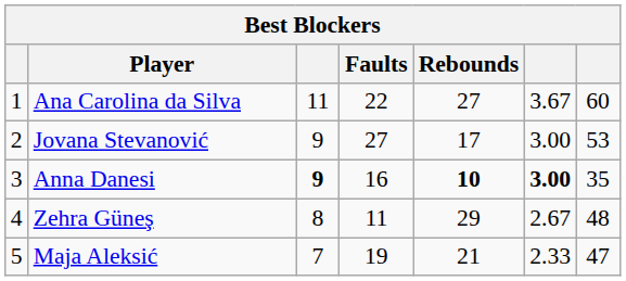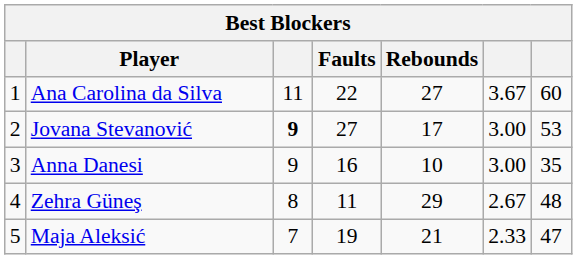 <table class="wikitable sortable" style=font-size:90%>
 <tr>
 <th colspan=7>Best Blockers</th>
 </tr>
 <tr>
 <th></th>
 <th width=158>Player</th>
 <th width=20></th>
 <th width=20>Faults</th>
 <th width=20>Rebounds</th>
 <th width=20></th>
 <th width=20></th>
 </tr>
 <tr>
 <td>1</td>
 <td> <a href='#'>Ana Carolina da Silva</a></td>
 <td align=center>11</td>
 <td align=center>22</td>
 <td align=center>27</td>
 <td align=center>3.67</td>
 <td align=center>60</td>
 </tr>
 <tr>
 <td>2</td>
 <td> <a href='#'>Jovana Stevanović</a></td>
-<td align=center>9</td>
+<td align=center><strong>9</strong></td>
 <td align=center>27</td>
 <td align=center>17</td>
 <td align=center>3.00</td>
 <td align=center>53</td>
 </tr>
 <tr>
 <td>3</td>
 <td> <a href='#'>Anna Danesi</a></td>
-<td align=center><strong>9</strong></td>
+<td align=center>9</td>
 <td align=center>16</td>
-<td align=center><strong>10</strong></td>
-<td align=center><strong>3.00</strong></td>
+<td align=center>10</td>
+<td align=center>3.00</td>
 <td align=center>35</td>
 </tr>
 <tr>
 <td>4</td>
 <td> <a href='#'>Zehra Güneş</a></td>
 <td align=center>8</td>
 <td align=center>11</td>
 <td align=center>29</td>
 <td align=center>2.67</td>
 <td align=center>48</td>
 </tr>
 <tr>
 <td>5</td>
 <td> <a href='#'>Maja Aleksić</a></td>
 <td align=center>7</td>
 <td align=center>19</td>
 <td align=center>21</td>
 <td align=center>2.33</td>
 <td align=center>47</td>
 </tr>
 </table>
